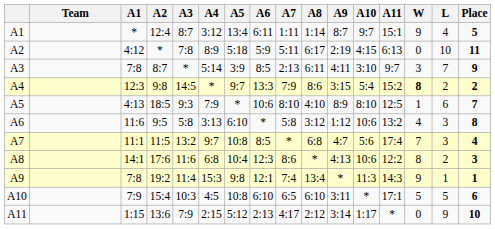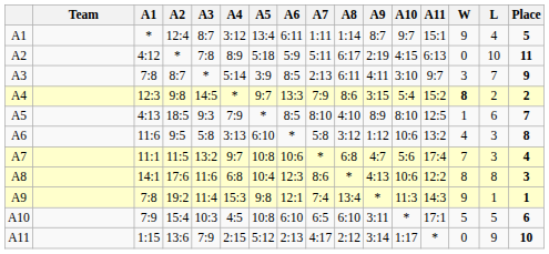 <table class="wikitable" style="text-align:center;">
 <tr>
 <th></th>
 <th width="120">Team</th>
 <th width="25">A1</th>
 <th width="25">A2</th>
 <th width="25">A3</th>
 <th width="25">A4</th>
 <th width="25">A5</th>
 <th width="25">A6</th>
 <th width="25">A7</th>
 <th width="25">A8</th>
 <th width="25">A9</th>
 <th width="25">A10</th>
 <th width="25">A11</th>
 <th width="30">W</th>
 <th width="30">L</th>
 <th>Place</th>
 </tr>
 <tr>
 <td>A1</td>
 <td align="left"></td>
 <td>*</td>
 <td>12:4</td>
 <td>8:7</td>
 <td>3:12</td>
 <td>13:4</td>
 <td>6:11</td>
 <td>1:11</td>
 <td>1:14</td>
 <td>8:7</td>
 <td>9:7</td>
 <td>15:1</td>
 <td>9</td>
 <td>4</td>
 <td><strong>5</strong></td>
 </tr>
 <tr>
 <td>A2</td>
 <td align="left"></td>
 <td>4:12</td>
 <td>*</td>
 <td>7:8</td>
 <td>8:9</td>
 <td>5:18</td>
 <td>5:9</td>
 <td>5:11</td>
 <td>6:17</td>
 <td>2:19</td>
 <td>4:15</td>
 <td>6:13</td>
 <td>0</td>
 <td>10</td>
 <td><strong>11</strong></td>
 </tr>
 <tr>
 <td>A3</td>
 <td align="left"></td>
 <td>7:8</td>
 <td>8:7</td>
 <td>*</td>
 <td>5:14</td>
 <td>3:9</td>
 <td>8:5</td>
 <td>2:13</td>
 <td>6:11</td>
 <td>4:11</td>
 <td>3:10</td>
 <td>9:7</td>
 <td>3</td>
 <td>7</td>
 <td><strong>9</strong></td>
 </tr>
 <tr bgcolor="#ffffcc">
 <td>A4</td>
 <td align="left"></td>
 <td>12:3</td>
 <td>9:8</td>
 <td>14:5</td>
 <td>*</td>
 <td>9:7</td>
 <td>13:3</td>
 <td>7:9</td>
 <td>8:6</td>
 <td>3:15</td>
 <td>5:4</td>
 <td>15:2</td>
 <td><strong>8</strong></td>
 <td>2</td>
 <td><strong>2</strong></td>
 </tr>
 <tr>
 <td>A5</td>
 <td align="left"></td>
 <td>4:13</td>
 <td>18:5</td>
 <td>9:3</td>
 <td>7:9</td>
 <td>*</td>
-<td>10:6</td>
+<td>8:5</td>
 <td>8:10</td>
 <td>4:10</td>
 <td>8:9</td>
 <td>8:10</td>
 <td>12:5</td>
 <td>1</td>
 <td>6</td>
 <td><strong>7</strong></td>
 </tr>
 <tr>
 <td>A6</td>
 <td align="left"></td>
 <td>11:6</td>
 <td>9:5</td>
 <td>5:8</td>
 <td>3:13</td>
 <td>6:10</td>
 <td>*</td>
 <td>5:8</td>
 <td>3:12</td>
 <td>1:12</td>
 <td>10:6</td>
 <td>13:2</td>
 <td>4</td>
 <td>3</td>
 <td><strong>8</strong></td>
 </tr>
 <tr bgcolor="#ffffcc">
 <td>A7</td>
 <td align="left"></td>
 <td>11:1</td>
 <td>11:5</td>
 <td>13:2</td>
 <td>9:7</td>
 <td>10:8</td>
-<td>8:5</td>
+<td>10:6</td>
 <td>*</td>
 <td>6:8</td>
 <td>4:7</td>
 <td>5:6</td>
 <td>17:4</td>
 <td>7</td>
 <td>3</td>
 <td><strong>4</strong></td>
 </tr>
 <tr bgcolor="#ffffcc">
 <td>A8</td>
 <td align="left"></td>
 <td>14:1</td>
 <td>17:6</td>
 <td>11:6</td>
 <td>6:8</td>
 <td>10:4</td>
 <td>12:3</td>
 <td>8:6</td>
 <td>*</td>
 <td>4:13</td>
 <td>10:6</td>
 <td>12:2</td>
 <td>8</td>
-<td>2</td>
+<td>8</td>
 <td><strong>3</strong></td>
 </tr>
 <tr bgcolor="#ffffcc">
 <td>A9</td>
 <td align="left"></td>
 <td>7:8</td>
 <td>19:2</td>
 <td>11:4</td>
 <td>15:3</td>
 <td>9:8</td>
 <td>12:1</td>
 <td>7:4</td>
 <td>13:4</td>
 <td>*</td>
 <td>11:3</td>
 <td>14:3</td>
 <td>9</td>
 <td>1</td>
 <td><strong>1</strong></td>
 </tr>
 <tr>
 <td>A10</td>
 <td align="left"></td>
 <td>7:9</td>
 <td>15:4</td>
 <td>10:3</td>
 <td>4:5</td>
 <td>10:8</td>
 <td>6:10</td>
 <td>6:5</td>
 <td>6:10</td>
 <td>3:11</td>
 <td>*</td>
 <td>17:1</td>
 <td>5</td>
 <td>5</td>
 <td><strong>6</strong></td>
 </tr>
 <tr>
 <td>A11</td>
 <td align="left"></td>
 <td>1:15</td>
 <td>13:6</td>
 <td>7:9</td>
 <td>2:15</td>
 <td>5:12</td>
 <td>2:13</td>
 <td>4:17</td>
 <td>2:12</td>
 <td>3:14</td>
 <td>1:17</td>
 <td>*</td>
 <td>0</td>
 <td>9</td>
 <td><strong>10</strong></td>
 </tr>
 </table>
